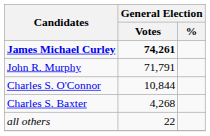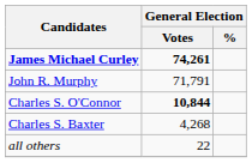 <table class=wikitable>
 <tr>
 <th colspan=1 rowspan=2><strong>Candidates</strong></th>
 <th colspan=2><strong>General Election</strong></th>
 </tr>
 <tr>
 <th>Votes</th>
 <th>%</th>
 </tr>
 <tr>
 <td><strong><a href='#'>James Michael Curley</a></strong></td>
 <td align="right"><strong>74,261</strong></td>
 <td align="right"><strong></strong></td>
 </tr>
 <tr>
 <td><a href='#'>John R. Murphy</a></td>
 <td align="right">71,791</td>
 <td align="right"></td>
 </tr>
 <tr>
 <td><a href='#'>Charles S. O'Connor</a></td>
-<td align="right">10,844</td>
+<td align="right"><strong>10,844</strong></td>
 <td align="right"></td>
 </tr>
 <tr>
 <td><a href='#'>Charles S. Baxter</a></td>
 <td align="right">4,268</td>
 <td align="right"></td>
 </tr>
 <tr>
 <td><em>all others</em></td>
 <td align="right">22</td>
 <td align="right"></td>
 </tr>
 <tr>
 </tr>
 </table>
